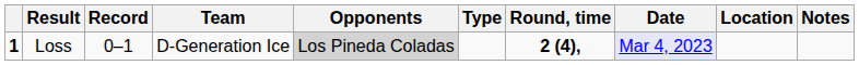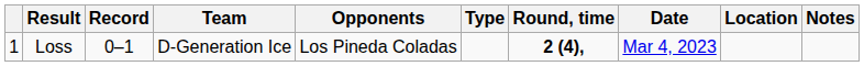 <table class="wikitable" style="text-align:center">
 <tr>
 <th></th>
 <th>Result</th>
 <th>Record</th>
 <th>Team</th>
 <th>Opponents</th>
 <th>Type</th>
 <th>Round, time</th>
 <th>Date</th>
 <th>Location</th>
 <th>Notes</th>
 </tr>
 <tr>
-<td><strong>1</strong></td>
+<td>1</td>
 <td>Loss</td>
 <td>0–1</td>
 <td style="text-align:left;">D-Generation Ice<br></td>
-<td style="background: lightgrey; text-align:left;">Los Pineda Coladas<br></td>
+<td style="text-align:left;">Los Pineda Coladas<br></td>
 <td></td>
 <td><strong>2 (4), </strong></td>
-<td style="background: lavender;"><a href='#'>Mar 4, 2023</a></td>
+<td><a href='#'>Mar 4, 2023</a></td>
 <td style="text-align:left;"></td>
 <td></td>
 </tr>
 <tr>
 </tr>
 </table>
